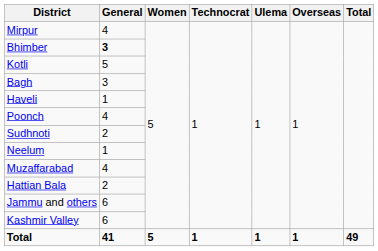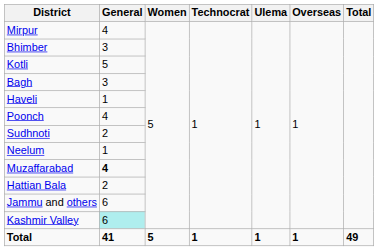 <table class="wikitable">
 <tr>
 <th>District</th>
 <th>General</th>
 <th>Women</th>
 <th>Technocrat</th>
 <th>Ulema</th>
 <th>Overseas</th>
 <th><strong>Total</strong></th>
 </tr>
 <tr>
 <td><a href='#'>Mirpur</a></td>
 <td>4</td>
 <td rowspan="12">5</td>
 <td rowspan="12">1</td>
 <td rowspan="12">1</td>
 <td rowspan="12">1</td>
 <td rowspan="12"></td>
 </tr>
 <tr>
 <td><a href='#'>Bhimber</a></td>
-<td><strong>3</strong></td>
+<td>3</td>
 </tr>
 <tr>
 <td><a href='#'>Kotli</a></td>
 <td>5</td>
 </tr>
 <tr>
 <td><a href='#'>Bagh</a></td>
 <td>3</td>
 </tr>
 <tr>
 <td><a href='#'>Haveli</a></td>
 <td>1</td>
 </tr>
 <tr>
 <td><a href='#'>Poonch</a></td>
 <td>4</td>
 </tr>
 <tr>
 <td><a href='#'>Sudhnoti</a></td>
 <td>2</td>
 </tr>
 <tr>
 <td><a href='#'>Neelum</a></td>
 <td>1</td>
 </tr>
 <tr>
 <td><a href='#'>Muzaffarabad</a></td>
-<td>4</td>
+<td><strong>4</strong></td>
 </tr>
 <tr>
 <td><a href='#'>Hattian Bala</a></td>
 <td>2</td>
 </tr>
 <tr>
 <td><a href='#'>Jammu</a> and <a href='#'>others</a></td>
 <td>6</td>
 </tr>
 <tr>
 <td><a href='#'>Kashmir Valley</a></td>
-<td>6</td>
+<td style="background: paleturquoise;">6</td>
 </tr>
 <tr>
 <td><strong>Total</strong></td>
 <td><strong>41</strong></td>
 <td><strong>5</strong></td>
 <td><strong>1</strong></td>
 <td><strong>1</strong></td>
 <td><strong>1</strong></td>
 <td><strong>49</strong></td>
 </tr>
 </table>
